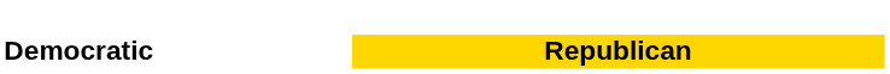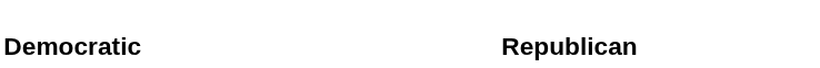 <table style="width:50%; text-align:center">
 <tr style="color:white">
 <td style="background:"><strong>11</strong><br> </td>
 <td style="background:"><strong>20</strong></td>
 </tr>
 <tr>
 <td style="color:"><strong>Democratic</strong><br></td>
-<td style="background: gold; color:"><strong>Republican</strong></td>
+<td style="color:"><strong>Republican</strong></td>
 </tr>
 </table>
